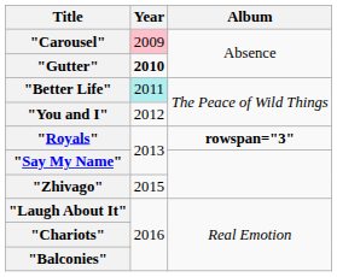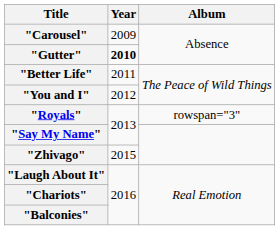 <table class="wikitable plainrowheaders" style="text-align:center;">
 <tr>
 <th scope="col">Title</th>
 <th scope="col">Year</th>
 <th scope="col">Album</th>
 </tr>
 <tr>
 <th scope="row">"Carousel"</th>
-<td style="background: pink;">2009</td>
+<td>2009</td>
 <td rowspan="2">Absence</td>
 </tr>
 <tr>
 <th scope="row">"Gutter"</th>
 <td><strong>2010</strong></td>
 </tr>
 <tr>
 <th scope="row">"Better Life"</th>
-<td style="background: paleturquoise;">2011</td>
+<td>2011</td>
 <td rowspan="2"><em>The Peace of Wild Things</em></td>
 </tr>
 <tr>
 <th scope="row">"You and I"</th>
 <td>2012</td>
 </tr>
 <tr>
 <th scope="row">"<a href='#'>Royals</a>" </th>
 <td rowspan="2">2013</td>
-<td><strong>rowspan="3" </strong></td>
+<td>rowspan="3" </td>
 </tr>
 <tr>
 <th scope="row">"<a href='#'>Say My Name</a>" </th>
 </tr>
 <tr>
 <th scope="row">"Zhivago"</th>
 <td>2015</td>
 </tr>
 <tr>
 <th scope="row">"Laugh About It"</th>
 <td rowspan="3">2016</td>
 <td rowspan="3"><em>Real Emotion</em></td>
 </tr>
 <tr>
 <th scope="row">"Chariots"</th>
 </tr>
 <tr>
 <th scope="row">"Balconies"</th>
 </tr>
 </table>
